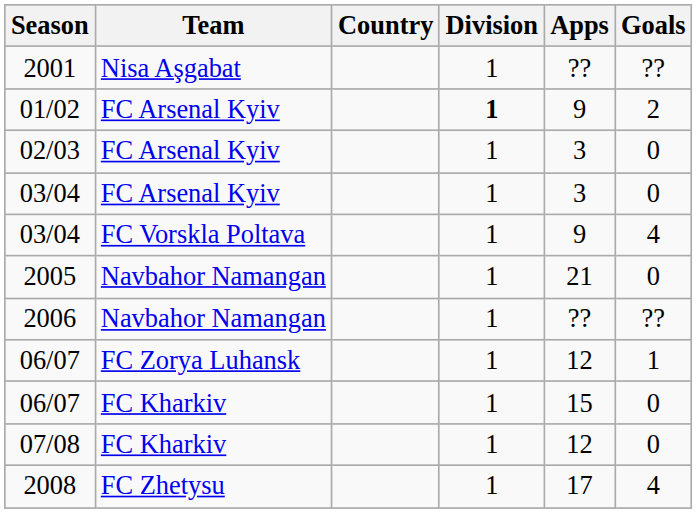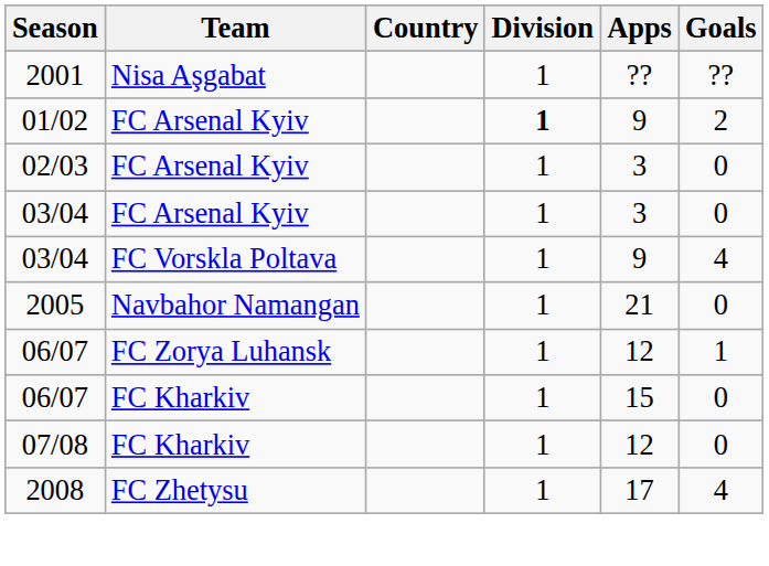 <table class="wikitable" style="text-align: center;">
 <tr>
 <th>Season</th>
 <th>Team</th>
 <th>Country</th>
 <th>Division</th>
 <th>Apps</th>
 <th>Goals</th>
 </tr>
 <tr>
 <td>2001</td>
 <td align="left"><a href='#'>Nisa Aşgabat</a></td>
 <td align="left"></td>
 <td>1</td>
 <td>??</td>
 <td>??</td>
 </tr>
 <tr>
 <td>01/02</td>
 <td align="left"><a href='#'>FC Arsenal Kyiv</a></td>
 <td align="left"></td>
 <td><strong>1</strong></td>
 <td>9</td>
 <td>2</td>
 </tr>
 <tr>
 <td>02/03</td>
 <td align="left"><a href='#'>FC Arsenal Kyiv</a></td>
 <td align="left"></td>
 <td>1</td>
 <td>3</td>
 <td>0</td>
 </tr>
 <tr>
 <td>03/04</td>
 <td align="left"><a href='#'>FC Arsenal Kyiv</a></td>
 <td align="left"></td>
 <td>1</td>
 <td>3</td>
 <td>0</td>
 </tr>
 <tr>
 <td>03/04</td>
 <td align="left"><a href='#'>FC Vorskla Poltava</a></td>
 <td align="left"></td>
 <td>1</td>
 <td>9</td>
 <td>4</td>
 </tr>
 <tr>
 <td>2005</td>
 <td align="left"><a href='#'>Navbahor Namangan</a></td>
 <td align="left"></td>
 <td>1</td>
 <td>21</td>
 <td>0</td>
 </tr>
 <tr>
-<td>2006</td>
-<td align="left"><a href='#'>Navbahor Namangan</a></td>
-<td align="left"></td>
-<td>1</td>
-<td>??</td>
-<td>??</td>
-</tr>
-<tr>
 <td>06/07</td>
 <td align="left"><a href='#'>FC Zorya Luhansk</a></td>
 <td align="left"></td>
 <td>1</td>
 <td>12</td>
 <td>1</td>
 </tr>
 <tr>
 <td>06/07</td>
 <td align="left"><a href='#'>FC Kharkiv</a></td>
 <td align="left"></td>
 <td>1</td>
 <td>15</td>
 <td>0</td>
 </tr>
 <tr>
 <td>07/08</td>
 <td align="left"><a href='#'>FC Kharkiv</a></td>
 <td align="left"></td>
 <td>1</td>
 <td>12</td>
 <td>0</td>
 </tr>
 <tr>
 <td>2008</td>
 <td align="left"><a href='#'>FC Zhetysu</a></td>
 <td align="left"></td>
 <td>1</td>
 <td>17</td>
 <td>4</td>
 </tr>
 </table>
